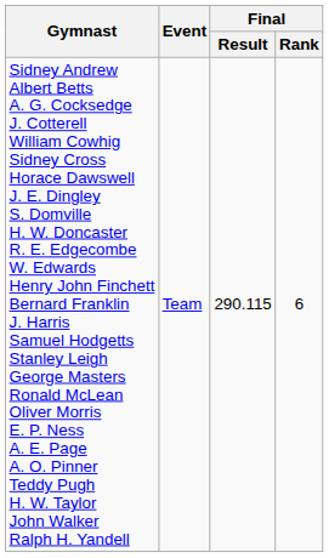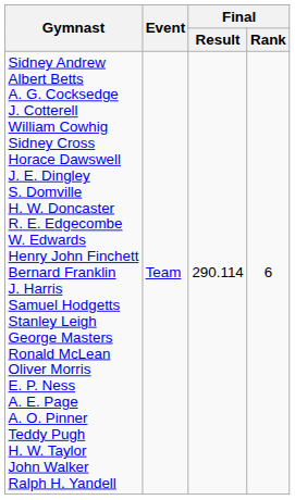 <table class=wikitable style="font-size:90%">
 <tr>
 <th rowspan=2>Gymnast</th>
 <th rowspan=2>Event</th>
 <th colspan=2>Final</th>
 </tr>
 <tr>
 <th>Result</th>
 <th>Rank</th>
 </tr>
 <tr>
 <td><a href='#'>Sidney Andrew</a> <br> <a href='#'>Albert Betts</a> <br> <a href='#'>A. G. Cocksedge</a> <br> <a href='#'>J. Cotterell</a> <br> <a href='#'>William Cowhig</a> <br> <a href='#'>Sidney Cross</a> <br> <a href='#'>Horace Dawswell</a> <br> <a href='#'>J. E. Dingley</a> <br> <a href='#'>S. Domville</a> <br> <a href='#'>H. W. Doncaster</a> <br> <a href='#'>R. E. Edgecombe</a> <br> <a href='#'>W. Edwards</a> <br> <a href='#'>Henry John Finchett</a> <br> <a href='#'>Bernard Franklin</a> <br> <a href='#'>J. Harris</a> <br> <a href='#'>Samuel Hodgetts</a> <br> <a href='#'>Stanley Leigh</a> <br> <a href='#'>George Masters</a> <br> <a href='#'>Ronald McLean</a> <br> <a href='#'>Oliver Morris</a> <br> <a href='#'>E. P. Ness</a> <br> <a href='#'>A. E. Page</a> <br> <a href='#'>A. O. Pinner</a> <br> <a href='#'>Teddy Pugh</a> <br> <a href='#'>H. W. Taylor</a> <br> <a href='#'>John Walker</a> <br> <a href='#'>Ralph H. Yandell</a></td>
 <td><a href='#'>Team</a></td>
-<td align=center>290.115</td>
+<td align=center>290.114</td>
 <td align=center>6</td>
 </tr>
 </table>
